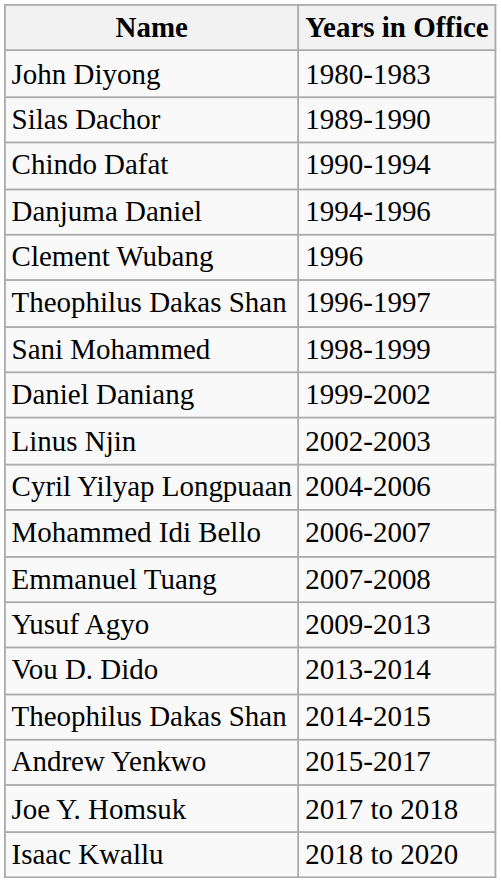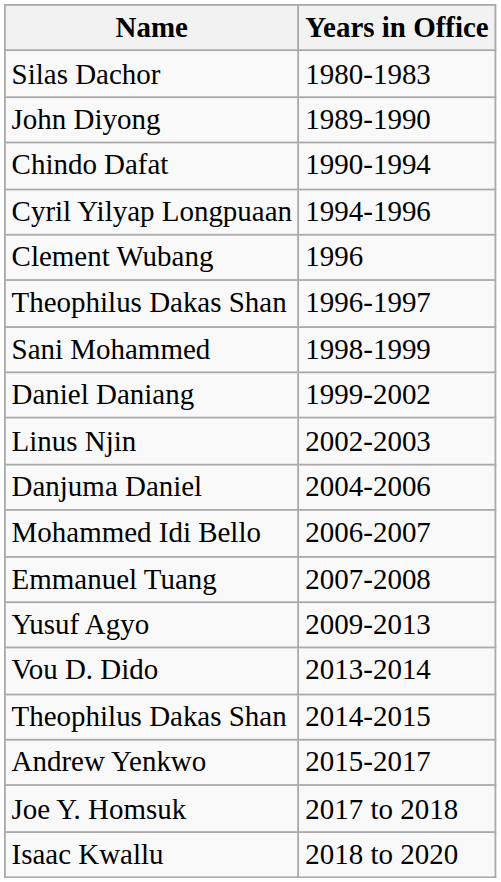 <table class="wikitable">
 <tr>
 <th>Name</th>
 <th>Years in Office</th>
 </tr>
 <tr>
-<td>John Diyong</td>
+<td>Silas Dachor</td>
 <td>1980-1983</td>
 </tr>
 <tr>
-<td>Silas Dachor</td>
+<td>John Diyong</td>
 <td>1989-1990</td>
 </tr>
 <tr>
 <td>Chindo Dafat</td>
 <td>1990-1994</td>
 </tr>
 <tr>
-<td>Danjuma Daniel</td>
+<td>Cyril Yilyap Longpuaan</td>
 <td>1994-1996</td>
 </tr>
 <tr>
 <td>Clement Wubang</td>
 <td>1996</td>
 </tr>
 <tr>
 <td>Theophilus Dakas Shan</td>
 <td>1996-1997</td>
 </tr>
 <tr>
 <td>Sani Mohammed</td>
 <td>1998-1999</td>
 </tr>
 <tr>
 <td>Daniel Daniang</td>
 <td>1999-2002</td>
 </tr>
 <tr>
 <td>Linus Njin</td>
 <td>2002-2003</td>
 </tr>
 <tr>
-<td>Cyril Yilyap Longpuaan</td>
+<td>Danjuma Daniel</td>
 <td>2004-2006</td>
 </tr>
 <tr>
 <td>Mohammed Idi Bello</td>
 <td>2006-2007</td>
 </tr>
 <tr>
 <td>Emmanuel Tuang</td>
 <td>2007-2008</td>
 </tr>
 <tr>
 <td>Yusuf Agyo</td>
 <td>2009-2013</td>
 </tr>
 <tr>
 <td>Vou D. Dido</td>
 <td>2013-2014</td>
 </tr>
 <tr>
 <td>Theophilus Dakas Shan</td>
 <td>2014-2015</td>
 </tr>
 <tr>
 <td>Andrew Yenkwo</td>
 <td>2015-2017</td>
 </tr>
 <tr>
 <td>Joe Y. Homsuk</td>
 <td>2017 to 2018</td>
 </tr>
 <tr>
 <td>Isaac Kwallu</td>
 <td>2018 to 2020</td>
 </tr>
 </table>
